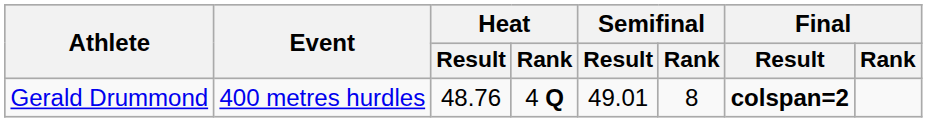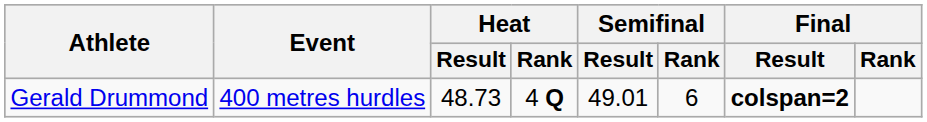 <table class="wikitable" style="font-size:90%">
 <tr>
 <th rowspan="2">Athlete</th>
 <th rowspan="2">Event</th>
 <th colspan="2">Heat</th>
 <th colspan="2">Semifinal</th>
 <th colspan="2">Final</th>
 </tr>
 <tr style="font-size:95%">
 <th>Result</th>
 <th>Rank</th>
 <th>Result</th>
 <th>Rank</th>
 <th>Result</th>
 <th>Rank</th>
 </tr>
 <tr align=center>
 <td align=left><a href='#'>Gerald Drummond</a></td>
 <td align=left><a href='#'>400 metres hurdles</a></td>
-<td>48.76</td>
+<td>48.73</td>
 <td>4 <strong>Q</strong></td>
 <td>49.01</td>
-<td>8</td>
+<td>6</td>
 <td><strong>colspan=2 </strong></td>
 </tr>
 </table>
